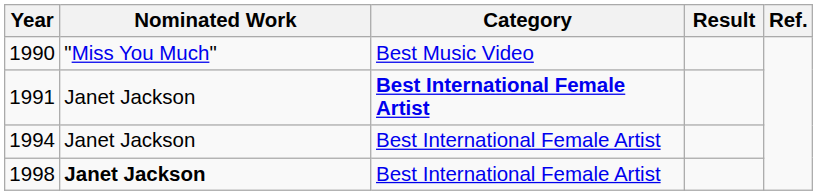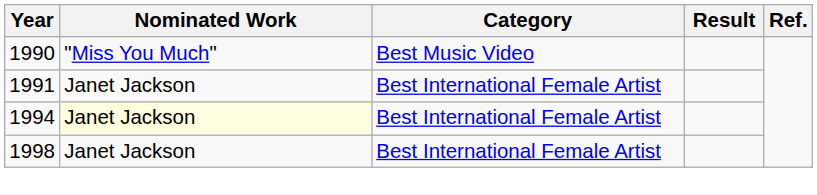 <table class="wikitable" width="50%">
 <tr>
 <th width="5%">Year</th>
 <th width="40%">Nominated Work</th>
 <th width="40%">Category</th>
 <th width="10%">Result</th>
 <th width="5%">Ref.</th>
 </tr>
 <tr>
 <td>1990</td>
 <td>"<a href='#'>Miss You Much</a>"</td>
 <td><a href='#'>Best Music Video</a></td>
 <td></td>
 <td rowspan=4></td>
 </tr>
 <tr>
 <td>1991</td>
 <td>Janet Jackson</td>
-<td><strong><a href='#'>Best International Female Artist</a></strong></td>
+<td><a href='#'>Best International Female Artist</a></td>
 <td></td>
 </tr>
 <tr>
 <td>1994</td>
-<td>Janet Jackson</td>
+<td style="background: lightyellow;">Janet Jackson</td>
 <td><a href='#'>Best International Female Artist</a></td>
 <td></td>
 </tr>
 <tr>
 <td>1998</td>
-<td><strong>Janet Jackson</strong></td>
+<td>Janet Jackson</td>
 <td><a href='#'>Best International Female Artist</a></td>
 <td></td>
 </tr>
 </table>
